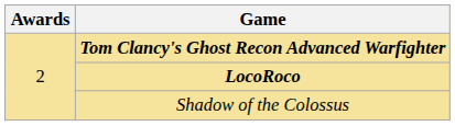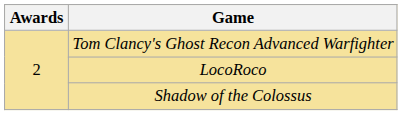 <table class="wikitable" rowspan=2 style="text-align: center; background: #f6e39c">
 <tr>
 <th width="55">Awards</th>
 <th align="center">Game</th>
 </tr>
 <tr>
 <td rowspan=3 style="text-align:center">2</td>
-<td><strong><em>Tom Clancy's Ghost Recon Advanced Warfighter</em></strong></td>
+<td><em>Tom Clancy's Ghost Recon Advanced Warfighter</em></td>
 </tr>
 <tr>
-<td><strong><em>LocoRoco</em></strong></td>
+<td><em>LocoRoco</em></td>
 </tr>
 <tr>
 <td><em>Shadow of the Colossus</em></td>
 </tr>
 </table>
